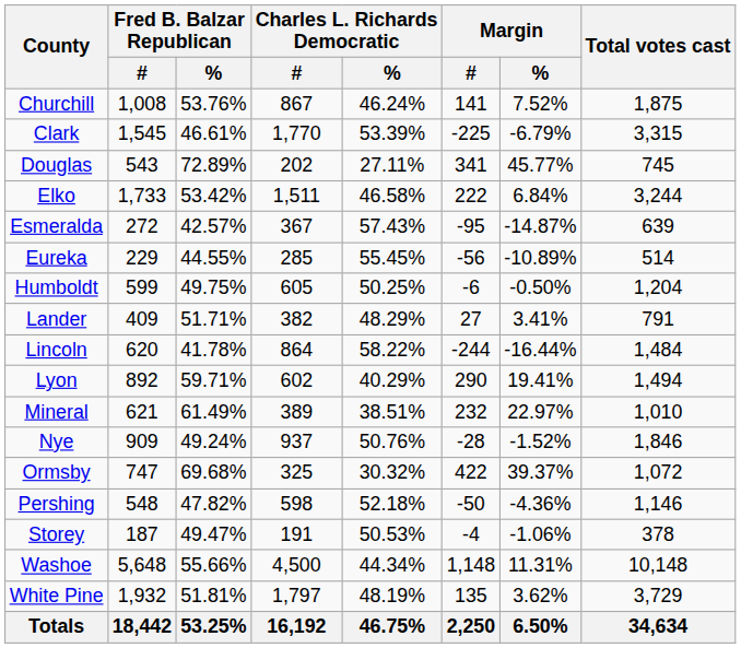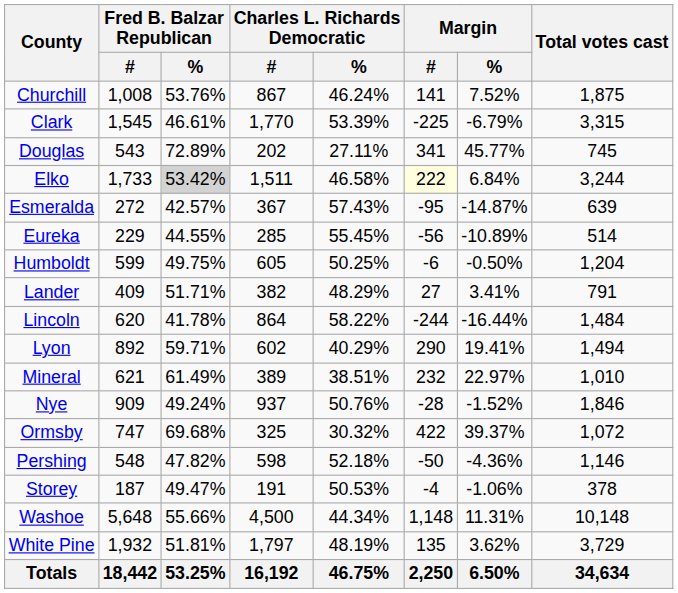 <table class="wikitable sortable" style="text-align:center">
 <tr>
 <th rowspan="2">County</th>
 <th style="text-align:center;" colspan="2">Fred B. Balzar<br>Republican</th>
 <th style="text-align:center;" colspan="2">Charles L. Richards<br>Democratic</th>
 <th style="text-align:center;" colspan="2">Margin</th>
 <th style="text-align:center;" rowspan="2">Total votes cast</th>
 </tr>
 <tr>
 <th style="text-align:center;" data-sort-type="number">#</th>
 <th style="text-align:center;" data-sort-type="number">%</th>
 <th style="text-align:center;" data-sort-type="number">#</th>
 <th style="text-align:center;" data-sort-type="number">%</th>
 <th style="text-align:center;" data-sort-type="number">#</th>
 <th style="text-align:center;" data-sort-type="number">%</th>
 </tr>
 <tr style="text-align:center;">
 <td><a href='#'>Churchill</a></td>
 <td>1,008</td>
 <td>53.76%</td>
 <td>867</td>
 <td>46.24%</td>
 <td>141</td>
 <td>7.52%</td>
 <td>1,875</td>
 </tr>
 <tr style="text-align:center;">
 <td><a href='#'>Clark</a></td>
 <td>1,545</td>
 <td>46.61%</td>
 <td>1,770</td>
 <td>53.39%</td>
 <td>-225</td>
 <td>-6.79%</td>
 <td>3,315</td>
 </tr>
 <tr style="text-align:center;">
 <td><a href='#'>Douglas</a></td>
 <td>543</td>
 <td>72.89%</td>
 <td>202</td>
 <td>27.11%</td>
 <td>341</td>
 <td>45.77%</td>
 <td>745</td>
 </tr>
 <tr style="text-align:center;">
 <td><a href='#'>Elko</a></td>
 <td>1,733</td>
-<td>53.42%</td>
+<td style="background: lightgrey;">53.42%</td>
 <td>1,511</td>
 <td>46.58%</td>
-<td>222</td>
+<td style="background: lightyellow;">222</td>
 <td>6.84%</td>
 <td>3,244</td>
 </tr>
 <tr style="text-align:center;">
 <td><a href='#'>Esmeralda</a></td>
 <td>272</td>
 <td>42.57%</td>
 <td>367</td>
 <td>57.43%</td>
 <td>-95</td>
 <td>-14.87%</td>
 <td>639</td>
 </tr>
 <tr style="text-align:center;">
 <td><a href='#'>Eureka</a></td>
 <td>229</td>
 <td>44.55%</td>
 <td>285</td>
 <td>55.45%</td>
 <td>-56</td>
 <td>-10.89%</td>
 <td>514</td>
 </tr>
 <tr style="text-align:center;">
 <td><a href='#'>Humboldt</a></td>
 <td>599</td>
 <td>49.75%</td>
 <td>605</td>
 <td>50.25%</td>
 <td>-6</td>
 <td>-0.50%</td>
 <td>1,204</td>
 </tr>
 <tr style="text-align:center;">
 <td><a href='#'>Lander</a></td>
 <td>409</td>
 <td>51.71%</td>
 <td>382</td>
 <td>48.29%</td>
 <td>27</td>
 <td>3.41%</td>
 <td>791</td>
 </tr>
 <tr style="text-align:center;">
 <td><a href='#'>Lincoln</a></td>
 <td>620</td>
 <td>41.78%</td>
 <td>864</td>
 <td>58.22%</td>
 <td>-244</td>
 <td>-16.44%</td>
 <td>1,484</td>
 </tr>
 <tr style="text-align:center;">
 <td><a href='#'>Lyon</a></td>
 <td>892</td>
 <td>59.71%</td>
 <td>602</td>
 <td>40.29%</td>
 <td>290</td>
 <td>19.41%</td>
 <td>1,494</td>
 </tr>
 <tr style="text-align:center;">
 <td><a href='#'>Mineral</a></td>
 <td>621</td>
 <td>61.49%</td>
 <td>389</td>
 <td>38.51%</td>
 <td>232</td>
 <td>22.97%</td>
 <td>1,010</td>
 </tr>
 <tr style="text-align:center;">
 <td><a href='#'>Nye</a></td>
 <td>909</td>
 <td>49.24%</td>
 <td>937</td>
 <td>50.76%</td>
 <td>-28</td>
 <td>-1.52%</td>
 <td>1,846</td>
 </tr>
 <tr style="text-align:center;">
 <td><a href='#'>Ormsby</a></td>
 <td>747</td>
 <td>69.68%</td>
 <td>325</td>
 <td>30.32%</td>
 <td>422</td>
 <td>39.37%</td>
 <td>1,072</td>
 </tr>
 <tr style="text-align:center;">
 <td><a href='#'>Pershing</a></td>
 <td>548</td>
 <td>47.82%</td>
 <td>598</td>
 <td>52.18%</td>
 <td>-50</td>
 <td>-4.36%</td>
 <td>1,146</td>
 </tr>
 <tr style="text-align:center;">
 <td><a href='#'>Storey</a></td>
 <td>187</td>
 <td>49.47%</td>
 <td>191</td>
 <td>50.53%</td>
 <td>-4</td>
 <td>-1.06%</td>
 <td>378</td>
 </tr>
 <tr style="text-align:center;">
 <td><a href='#'>Washoe</a></td>
 <td>5,648</td>
 <td>55.66%</td>
 <td>4,500</td>
 <td>44.34%</td>
 <td>1,148</td>
 <td>11.31%</td>
 <td>10,148</td>
 </tr>
 <tr style="text-align:center;">
 <td><a href='#'>White Pine</a></td>
 <td>1,932</td>
 <td>51.81%</td>
 <td>1,797</td>
 <td>48.19%</td>
 <td>135</td>
 <td>3.62%</td>
 <td>3,729</td>
 </tr>
 <tr style="text-align:center;">
 <th>Totals</th>
 <th>18,442</th>
 <th>53.25%</th>
 <th>16,192</th>
 <th>46.75%</th>
 <th>2,250</th>
 <th>6.50%</th>
 <th>34,634</th>
 </tr>
 </table>
